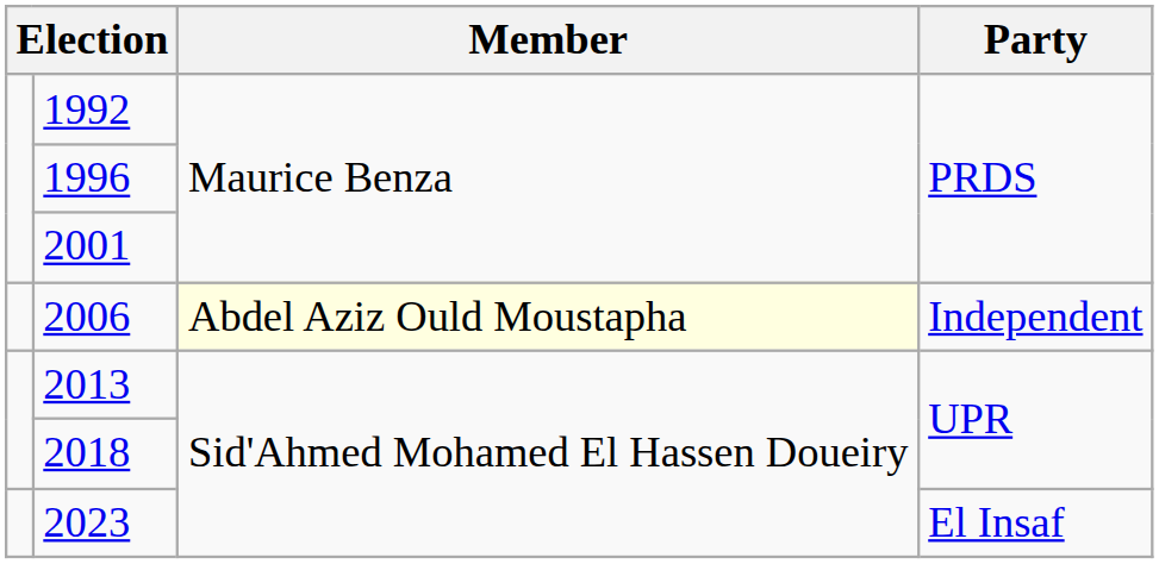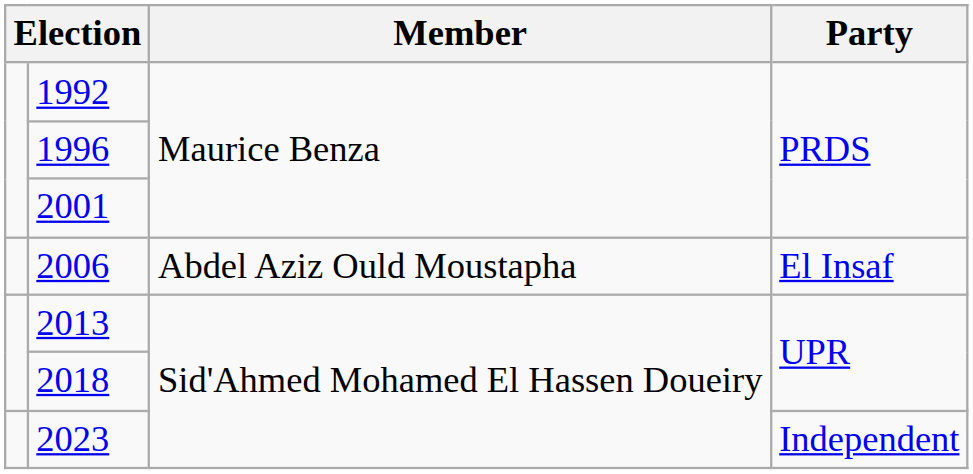 <table class="wikitable">
 <tr>
 <th colspan="2">Election</th>
 <th>Member</th>
 <th>Party</th>
 </tr>
 <tr>
 <td rowspan="3" style="color:inherit;background:"></td>
 <td><a href='#'>1992</a></td>
 <td rowspan="3">Maurice Benza</td>
 <td rowspan="3"><a href='#'>PRDS</a></td>
 </tr>
 <tr>
 <td><a href='#'>1996</a></td>
 </tr>
 <tr>
 <td><a href='#'>2001</a></td>
 </tr>
 <tr>
 <td style="color:inherit;background:"></td>
 <td><a href='#'>2006</a></td>
-<td style="background: lightyellow;">Abdel Aziz Ould Moustapha</td>
-<td><a href='#'>Independent</a></td>
+<td>Abdel Aziz Ould Moustapha</td>
+<td><a href='#'>El Insaf</a></td>
 </tr>
 <tr>
 <td rowspan="2" style="color:inherit;background:"></td>
 <td><a href='#'>2013</a></td>
 <td rowspan="3">Sid'Ahmed Mohamed El Hassen Doueiry</td>
 <td rowspan="2"><a href='#'>UPR</a></td>
 </tr>
 <tr>
 <td><a href='#'>2018</a></td>
 </tr>
 <tr>
 <td style="color:inherit;background:"></td>
 <td><a href='#'>2023</a></td>
-<td><a href='#'>El Insaf</a></td>
+<td><a href='#'>Independent</a></td>
 </tr>
 </table>
